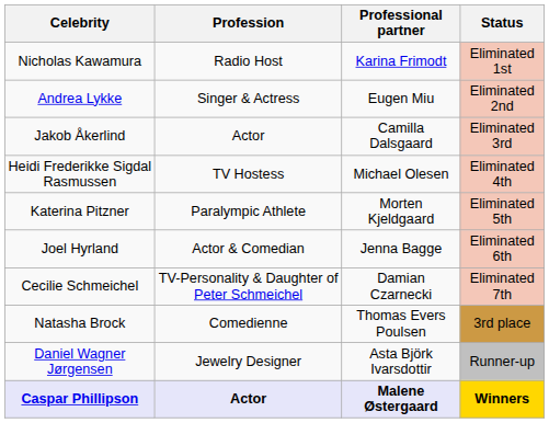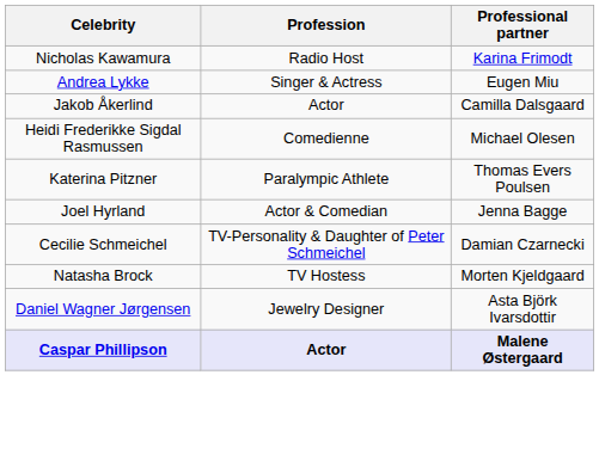 <table class= "wikitable sortable" style="text-align: center; margin:auto; align: center">
 <tr>
 <th>Celebrity</th>
 <th>Profession</th>
 <th>Professional partner</th>
-<th>Status</th>
 </tr>
 <tr>
 <td>Nicholas Kawamura</td>
 <td>Radio Host</td>
 <td><a href='#'>Karina Frimodt</a></td>
-<td style="background:#f4c7b8;">Eliminated 1st</td>
 </tr>
 <tr>
 <td><a href='#'>Andrea Lykke</a></td>
 <td>Singer & Actress</td>
 <td>Eugen Miu</td>
-<td style="background:#f4c7b8;">Eliminated 2nd</td>
 </tr>
 <tr>
 <td>Jakob Åkerlind</td>
 <td>Actor</td>
 <td>Camilla Dalsgaard</td>
-<td style="background:#f4c7b8;">Eliminated 3rd</td>
 </tr>
 <tr>
 <td>Heidi Frederikke Sigdal Rasmussen</td>
-<td>TV Hostess</td>
+<td>Comedienne</td>
 <td>Michael Olesen</td>
-<td style="background:#f4c7b8;">Eliminated 4th</td>
 </tr>
 <tr>
 <td>Katerina Pitzner</td>
 <td>Paralympic Athlete</td>
-<td>Morten Kjeldgaard</td>
-<td style="background:#f4c7b8;">Eliminated 5th</td>
+<td>Thomas Evers Poulsen</td>
 </tr>
 <tr>
 <td>Joel Hyrland</td>
 <td>Actor & Comedian</td>
 <td>Jenna Bagge</td>
-<td style="background:#f4c7b8;">Eliminated 6th</td>
 </tr>
 <tr>
 <td>Cecilie Schmeichel</td>
 <td>TV-Personality & Daughter of <a href='#'>Peter Schmeichel</a></td>
 <td>Damian Czarnecki</td>
-<td style="background:#f4c7b8;">Eliminated 7th</td>
 </tr>
 <tr>
 <td>Natasha Brock</td>
-<td>Comedienne</td>
-<td>Thomas Evers Poulsen</td>
-<td style="background:#c94;">3rd place</td>
+<td>TV Hostess</td>
+<td>Morten Kjeldgaard</td>
 </tr>
 <tr>
 <td><a href='#'>Daniel Wagner Jørgensen</a></td>
 <td>Jewelry Designer</td>
 <td>Asta Björk Ivarsdottir</td>
-<td style="background:silver;">Runner-up</td>
 </tr>
 <tr style="background:lavender;">
 <td><strong><a href='#'>Caspar Phillipson</a> </strong></td>
 <td><strong>Actor</strong></td>
 <td><strong>Malene Østergaard</strong></td>
-<td style="background:Gold;"><strong>Winners</strong></td>
 </tr>
 </table>
